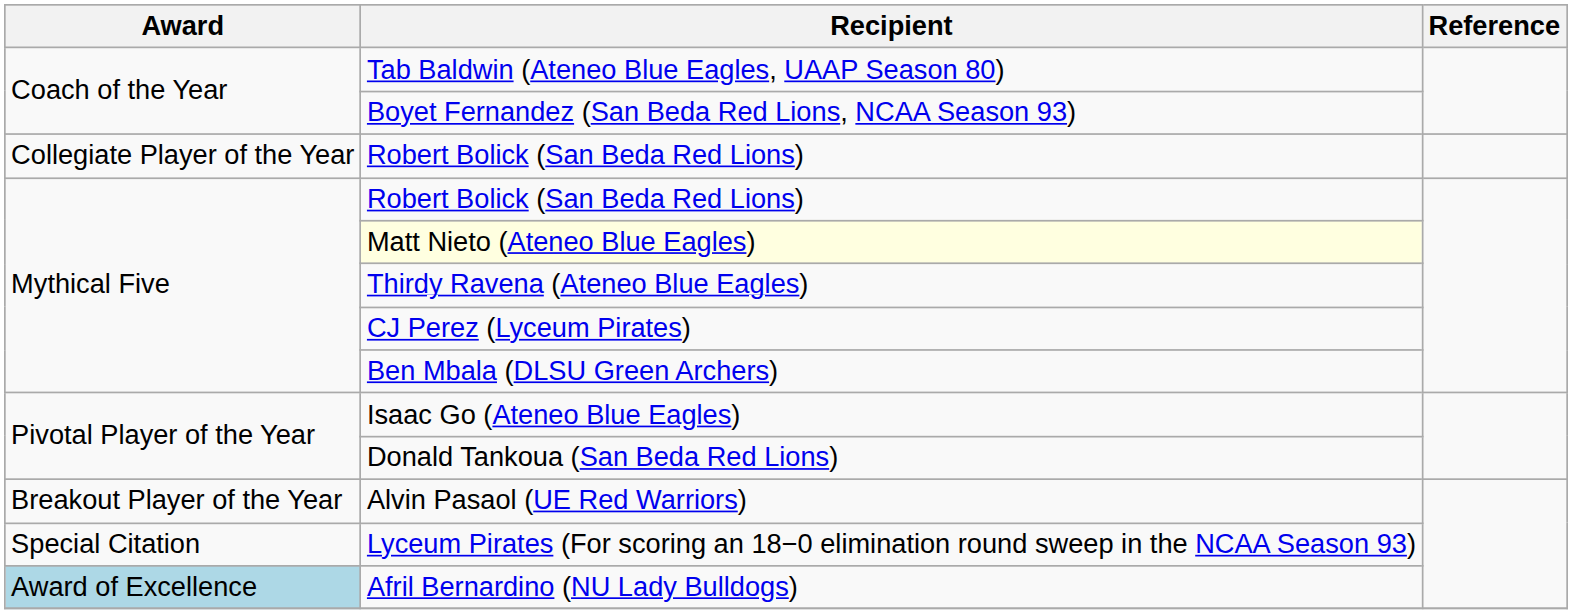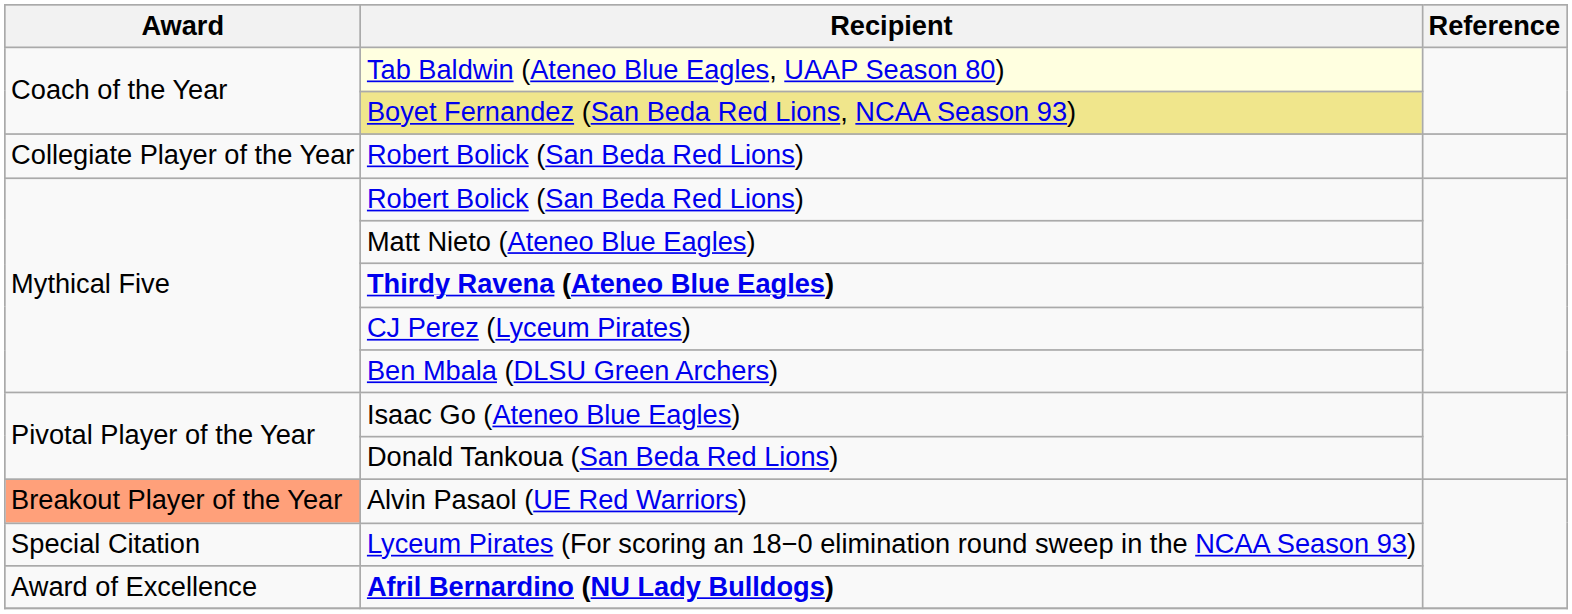 <table class="wikitable sortable">
 <tr>
 <th>Award</th>
 <th>Recipient</th>
 <th>Reference</th>
 </tr>
 <tr>
 <td rowspan=2>Coach of the Year</td>
-<td><a href='#'>Tab Baldwin</a> (<a href='#'>Ateneo Blue Eagles</a>, <a href='#'>UAAP Season 80</a>)</td>
+<td style="background: lightyellow;"><a href='#'>Tab Baldwin</a> (<a href='#'>Ateneo Blue Eagles</a>, <a href='#'>UAAP Season 80</a>)</td>
 <td rowspan=2></td>
 </tr>
 <tr>
-<td><a href='#'>Boyet Fernandez</a> (<a href='#'>San Beda Red Lions</a>, <a href='#'>NCAA Season 93</a>)</td>
+<td style="background: khaki;"><a href='#'>Boyet Fernandez</a> (<a href='#'>San Beda Red Lions</a>, <a href='#'>NCAA Season 93</a>)</td>
 </tr>
 <tr>
 <td>Collegiate Player of the Year</td>
 <td><a href='#'>Robert Bolick</a> (<a href='#'>San Beda Red Lions</a>)</td>
 <td></td>
 </tr>
 <tr>
 <td rowspan=5>Mythical Five</td>
 <td><a href='#'>Robert Bolick</a> (<a href='#'>San Beda Red Lions</a>)</td>
 <td rowspan=5></td>
 </tr>
 <tr>
-<td style="background: lightyellow;">Matt Nieto (<a href='#'>Ateneo Blue Eagles</a>)</td>
+<td>Matt Nieto (<a href='#'>Ateneo Blue Eagles</a>)</td>
 </tr>
 <tr>
-<td><a href='#'>Thirdy Ravena</a> (<a href='#'>Ateneo Blue Eagles</a>)</td>
+<td><strong><a href='#'>Thirdy Ravena</a> (<a href='#'>Ateneo Blue Eagles</a>)</strong></td>
 </tr>
 <tr>
 <td><a href='#'>CJ Perez</a> (<a href='#'>Lyceum Pirates</a>)</td>
 </tr>
 <tr>
 <td><a href='#'>Ben Mbala</a> (<a href='#'>DLSU Green Archers</a>)</td>
 </tr>
 <tr>
 <td rowspan=2>Pivotal Player of the Year</td>
 <td>Isaac Go (<a href='#'>Ateneo Blue Eagles</a>)</td>
 <td rowspan=2></td>
 </tr>
 <tr>
 <td>Donald Tankoua (<a href='#'>San Beda Red Lions</a>)</td>
 </tr>
 <tr>
-<td>Breakout Player of the Year</td>
+<td style="background: lightsalmon;">Breakout Player of the Year</td>
 <td>Alvin Pasaol (<a href='#'>UE Red Warriors</a>)</td>
 <td rowspan=3></td>
 </tr>
 <tr>
 <td>Special Citation</td>
 <td><a href='#'>Lyceum Pirates</a> (For scoring an 18−0 elimination round sweep in the <a href='#'>NCAA Season 93</a>)</td>
 </tr>
 <tr>
-<td style="background: lightblue;">Award of Excellence</td>
-<td><a href='#'>Afril Bernardino</a> (<a href='#'>NU Lady Bulldogs</a>)</td>
+<td>Award of Excellence</td>
+<td><strong><a href='#'>Afril Bernardino</a> (<a href='#'>NU Lady Bulldogs</a>)</strong></td>
 </tr>
 <tr>
 </tr>
 </table>
